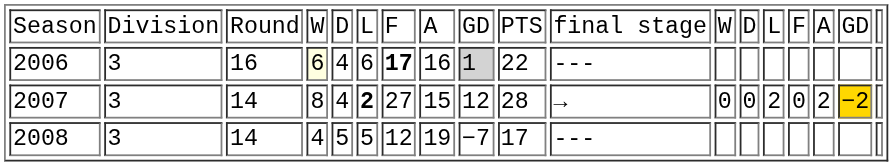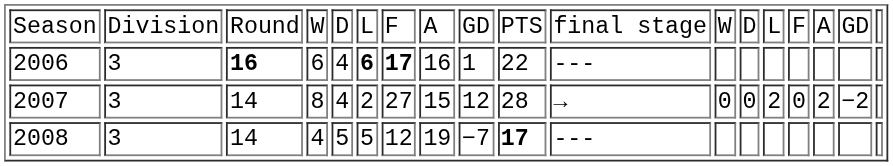 <table border="1">
 <tr>
 <td>Season</td>
 <td>Division</td>
 <td>Round</td>
 <td>W</td>
 <td>D</td>
 <td>L</td>
 <td>F</td>
 <td>A</td>
 <td>GD</td>
 <td>PTS</td>
 <td>final stage</td>
 <td>W</td>
 <td>D</td>
 <td>L</td>
 <td>F</td>
 <td>A</td>
 <td>GD</td>
 <td></td>
 </tr>
 <tr>
 <td>2006</td>
 <td>3</td>
-<td>16</td>
-<td style="background: lightyellow;">6</td>
+<td><strong>16</strong></td>
+<td>6</td>
 <td>4</td>
-<td>6</td>
+<td><strong>6</strong></td>
 <td><strong>17</strong></td>
 <td>16</td>
-<td style="background: lightgrey;">1</td>
+<td>1</td>
 <td>22</td>
 <td>---</td>
 <td></td>
 <td></td>
 <td></td>
 <td></td>
 <td></td>
 <td></td>
 <td></td>
 </tr>
 <tr>
 <td>2007</td>
 <td>3</td>
 <td>14</td>
 <td>8</td>
 <td>4</td>
-<td><strong>2</strong></td>
+<td>2</td>
 <td>27</td>
 <td>15</td>
 <td>12</td>
 <td>28</td>
 <td>→</td>
 <td>0</td>
 <td>0</td>
 <td>2</td>
 <td>0</td>
 <td>2</td>
-<td style="background: gold;">−2</td>
+<td>−2</td>
 <td></td>
 </tr>
 <tr>
 <td>2008</td>
 <td>3</td>
 <td>14</td>
 <td>4</td>
 <td>5</td>
 <td>5</td>
 <td>12</td>
 <td>19</td>
 <td>−7</td>
-<td>17</td>
+<td><strong>17</strong></td>
 <td>---</td>
 <td></td>
 <td></td>
 <td></td>
 <td></td>
 <td></td>
 <td></td>
 <td></td>
 </tr>
 </table>
